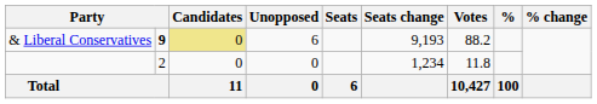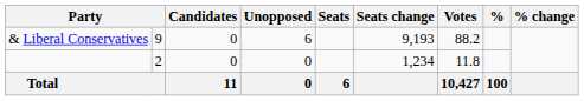 <table class="wikitable sortable">
 <tr>
 <th colspan=2>Party</th>
 <th>Candidates</th>
 <th>Unopposed</th>
 <th>Seats</th>
 <th>Seats change</th>
 <th>Votes</th>
 <th>%</th>
 <th>% change</th>
 </tr>
 <tr>
 <td> & <a href='#'>Liberal Conservatives</a></td>
-<td align=right><strong>9</strong></td>
-<td align=right style="background: khaki;">0</td>
+<td align=right>9</td>
+<td align=right>0</td>
 <td align=right>6</td>
 <td align=right></td>
 <td align=right>9,193</td>
 <td align=right>88.2</td>
 <td align=right></td>
 </tr>
 <tr>
 <td></td>
 <td align=right>2</td>
 <td align=right>0</td>
 <td align=right>0</td>
 <td align=right></td>
 <td align=right>1,234</td>
 <td align=right>11.8</td>
 <td align=right></td>
 </tr>
 <tr class="sortbottom" style="font-weight: bold; text-align: right; background: #f2f2f2;">
 <th colspan="2" style="padding-left: 1.5em; text-align: left;">Total</th>
 <td align=right>11</td>
 <td align=right>0</td>
 <td align=right>6</td>
 <td align=right></td>
 <td align=right>10,427</td>
 <td align=right>100</td>
 <td align=right></td>
 </tr>
 </table>
